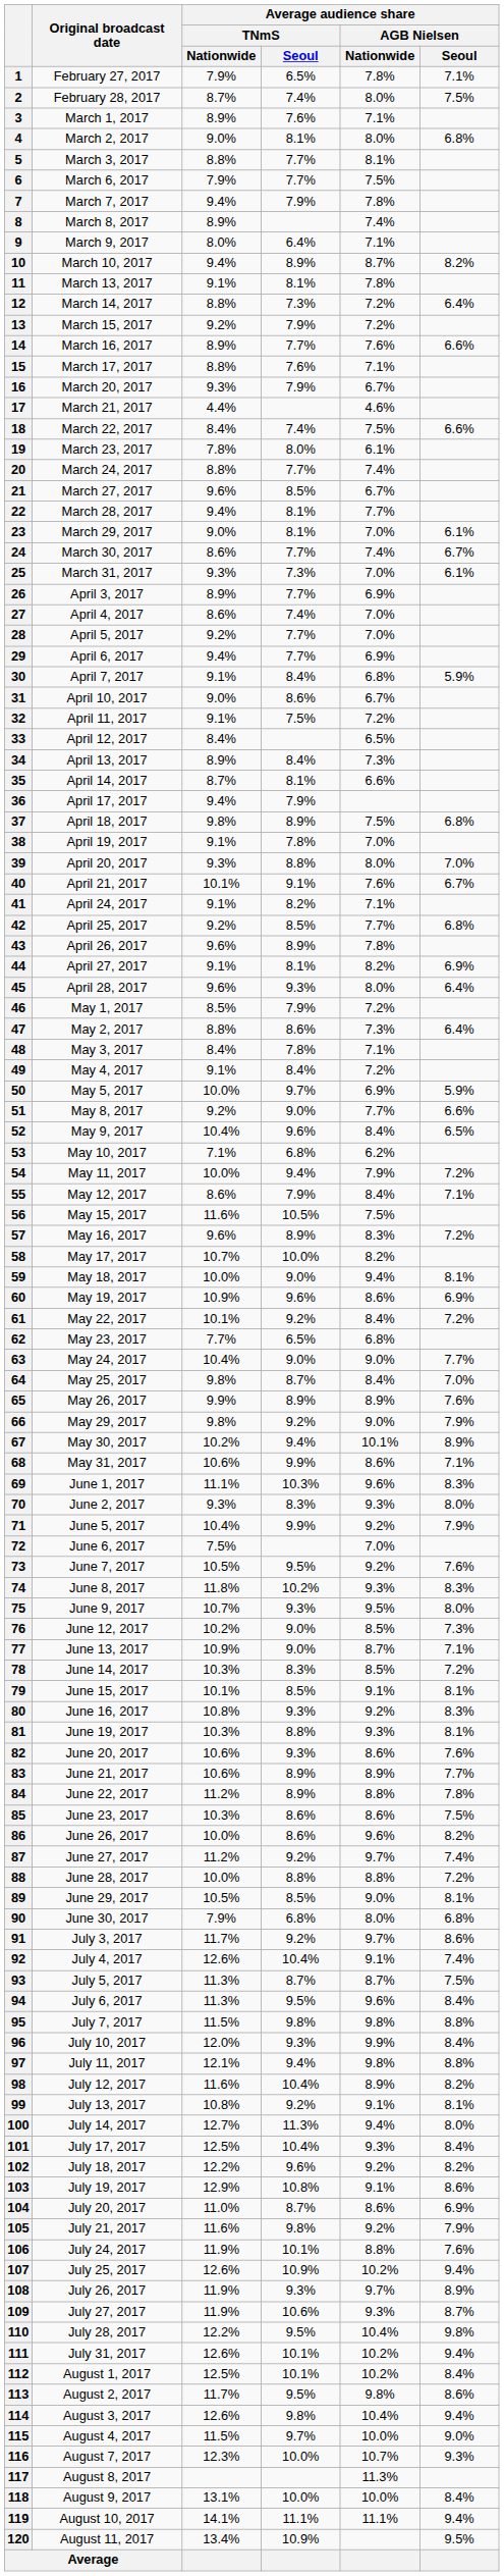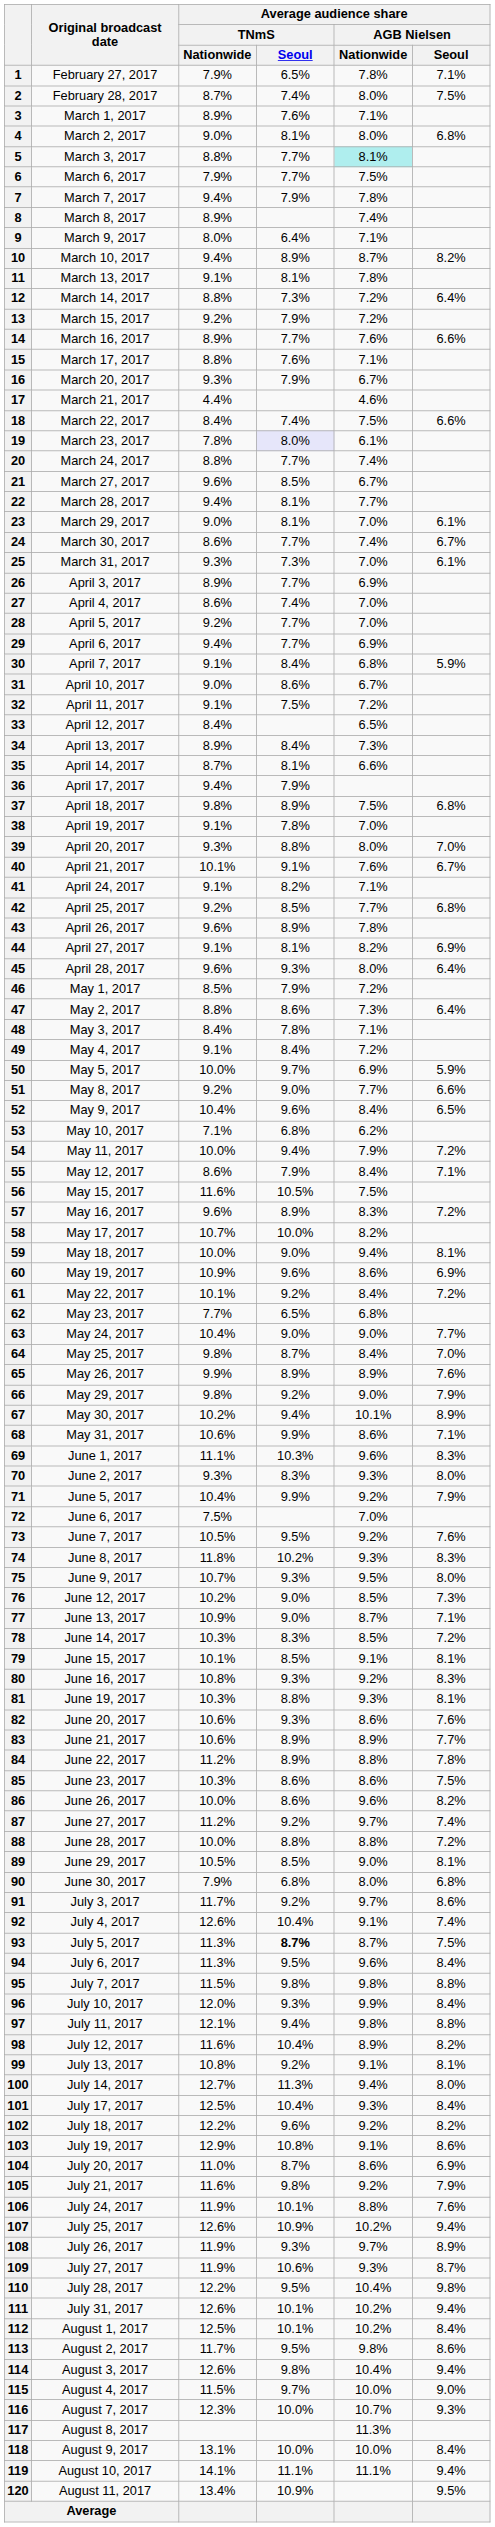 <table class="wikitable" style="text-align:center">
 <tr>
 <th rowspan="3"></th>
 <th rowspan="3">Original broadcast date</th>
 <th colspan="4">Average audience share</th>
 </tr>
 <tr>
 <th colspan="2">TNmS</th>
 <th colspan="2">AGB Nielsen</th>
 </tr>
 <tr>
 <th width=90>Nationwide</th>
 <th width=90><a href='#'>Seoul</a></th>
 <th width=90>Nationwide</th>
 <th width=90>Seoul</th>
 </tr>
 <tr>
 <th>1</th>
 <td>February 27, 2017</td>
 <td>7.9% </td>
 <td>6.5% </td>
 <td>7.8% </td>
 <td>7.1% </td>
 </tr>
 <tr>
 <th>2</th>
 <td>February 28, 2017</td>
 <td>8.7% </td>
 <td>7.4% </td>
 <td>8.0% </td>
 <td>7.5% </td>
 </tr>
 <tr>
 <th>3</th>
 <td>March 1, 2017</td>
 <td>8.9% </td>
 <td>7.6% </td>
 <td>7.1% </td>
 <td></td>
 </tr>
 <tr>
 <th>4</th>
 <td>March 2, 2017</td>
 <td>9.0% </td>
 <td>8.1% </td>
 <td>8.0% </td>
 <td>6.8% </td>
 </tr>
 <tr>
 <th>5</th>
 <td>March 3, 2017</td>
 <td>8.8% </td>
 <td>7.7% </td>
-<td>8.1% </td>
+<td style="background: paleturquoise;">8.1% </td>
 <td></td>
 </tr>
 <tr>
 <th>6</th>
 <td>March 6, 2017</td>
 <td>7.9% </td>
 <td>7.7% </td>
 <td>7.5% </td>
 <td></td>
 </tr>
 <tr>
 <th>7</th>
 <td>March 7, 2017</td>
 <td>9.4% </td>
 <td>7.9% </td>
 <td>7.8% </td>
 <td></td>
 </tr>
 <tr>
 <th>8</th>
 <td>March 8, 2017</td>
 <td>8.9% </td>
 <td></td>
 <td>7.4% </td>
 <td></td>
 </tr>
 <tr>
 <th>9</th>
 <td>March 9, 2017</td>
 <td>8.0% </td>
 <td>6.4% </td>
 <td>7.1% </td>
 <td></td>
 </tr>
 <tr>
 <th>10</th>
 <td>March 10, 2017</td>
 <td>9.4% </td>
 <td>8.9% </td>
 <td>8.7% </td>
 <td>8.2% </td>
 </tr>
 <tr>
 <th>11</th>
 <td>March 13, 2017</td>
 <td>9.1% </td>
 <td>8.1% </td>
 <td>7.8% </td>
 <td></td>
 </tr>
 <tr>
 <th>12</th>
 <td>March 14, 2017</td>
 <td>8.8% </td>
 <td>7.3% </td>
 <td>7.2% </td>
 <td>6.4% </td>
 </tr>
 <tr>
 <th>13</th>
 <td>March 15, 2017</td>
 <td>9.2% </td>
 <td>7.9% </td>
 <td>7.2% </td>
 <td></td>
 </tr>
 <tr>
 <th>14</th>
 <td>March 16, 2017</td>
 <td>8.9% </td>
 <td>7.7% </td>
 <td>7.6% </td>
 <td>6.6% </td>
 </tr>
 <tr>
 <th>15</th>
 <td>March 17, 2017</td>
 <td>8.8% </td>
 <td>7.6% </td>
 <td>7.1% </td>
 <td></td>
 </tr>
 <tr>
 <th>16</th>
 <td>March 20, 2017</td>
 <td>9.3% </td>
 <td>7.9% </td>
 <td>6.7% </td>
 <td></td>
 </tr>
 <tr>
 <th>17</th>
 <td>March 21, 2017</td>
 <td>4.4% </td>
 <td></td>
 <td>4.6% </td>
 <td></td>
 </tr>
 <tr>
 <th>18</th>
 <td>March 22, 2017</td>
 <td>8.4% </td>
 <td>7.4% </td>
 <td>7.5% </td>
 <td>6.6% </td>
 </tr>
 <tr>
 <th>19</th>
 <td>March 23, 2017</td>
 <td>7.8% </td>
-<td>8.0% </td>
+<td style="background: lavender;">8.0% </td>
 <td>6.1% </td>
 <td></td>
 </tr>
 <tr>
 <th>20</th>
 <td>March 24, 2017</td>
 <td>8.8% </td>
 <td>7.7% </td>
 <td>7.4% </td>
 <td></td>
 </tr>
 <tr>
 <th>21</th>
 <td>March 27, 2017</td>
 <td>9.6% </td>
 <td>8.5% </td>
 <td>6.7% </td>
 <td></td>
 </tr>
 <tr>
 <th>22</th>
 <td>March 28, 2017</td>
 <td>9.4% </td>
 <td>8.1% </td>
 <td>7.7% </td>
 <td></td>
 </tr>
 <tr>
 <th>23</th>
 <td>March 29, 2017</td>
 <td>9.0% </td>
 <td>8.1% </td>
 <td>7.0% </td>
 <td>6.1%</td>
 </tr>
 <tr>
 <th>24</th>
 <td>March 30, 2017</td>
 <td>8.6% </td>
 <td>7.7% </td>
 <td>7.4% </td>
 <td>6.7% </td>
 </tr>
 <tr>
 <th>25</th>
 <td>March 31, 2017</td>
 <td>9.3% </td>
 <td>7.3% </td>
 <td>7.0% </td>
 <td>6.1% </td>
 </tr>
 <tr>
 <th>26</th>
 <td>April 3, 2017</td>
 <td>8.9% </td>
 <td>7.7% </td>
 <td>6.9% </td>
 <td></td>
 </tr>
 <tr>
 <th>27</th>
 <td>April 4, 2017</td>
 <td>8.6% </td>
 <td>7.4% </td>
 <td>7.0% </td>
 <td></td>
 </tr>
 <tr>
 <th>28</th>
 <td>April 5, 2017</td>
 <td>9.2% </td>
 <td>7.7% </td>
 <td>7.0% </td>
 <td></td>
 </tr>
 <tr>
 <th>29</th>
 <td>April 6, 2017</td>
 <td>9.4% </td>
 <td>7.7% </td>
 <td>6.9% </td>
 <td></td>
 </tr>
 <tr>
 <th>30</th>
 <td>April 7, 2017</td>
 <td>9.1% </td>
 <td>8.4% </td>
 <td>6.8% </td>
 <td>5.9% </td>
 </tr>
 <tr>
 <th>31</th>
 <td>April 10, 2017</td>
 <td>9.0% </td>
 <td>8.6% </td>
 <td>6.7% </td>
 <td></td>
 </tr>
 <tr>
 <th>32</th>
 <td>April 11, 2017</td>
 <td>9.1% </td>
 <td>7.5% </td>
 <td>7.2% </td>
 <td></td>
 </tr>
 <tr>
 <th>33</th>
 <td>April 12, 2017</td>
 <td>8.4% </td>
 <td></td>
 <td>6.5% </td>
 <td></td>
 </tr>
 <tr>
 <th>34</th>
 <td>April 13, 2017</td>
 <td>8.9% </td>
 <td>8.4% </td>
 <td>7.3% </td>
 <td></td>
 </tr>
 <tr>
 <th>35</th>
 <td>April 14, 2017</td>
 <td>8.7% </td>
 <td>8.1% </td>
 <td>6.6% </td>
 <td></td>
 </tr>
 <tr>
 <th>36</th>
 <td>April 17, 2017</td>
 <td>9.4% </td>
 <td>7.9% </td>
 <td></td>
 <td></td>
 </tr>
 <tr>
 <th>37</th>
 <td>April 18, 2017</td>
 <td>9.8% </td>
 <td>8.9% </td>
 <td>7.5% </td>
 <td>6.8% </td>
 </tr>
 <tr>
 <th>38</th>
 <td>April 19, 2017</td>
 <td>9.1% </td>
 <td>7.8% </td>
 <td>7.0% </td>
 <td></td>
 </tr>
 <tr>
 <th>39</th>
 <td>April 20, 2017</td>
 <td>9.3% </td>
 <td>8.8% </td>
 <td>8.0% </td>
 <td>7.0% </td>
 </tr>
 <tr>
 <th>40</th>
 <td>April 21, 2017</td>
 <td>10.1% </td>
 <td>9.1% </td>
 <td>7.6% </td>
 <td>6.7% </td>
 </tr>
 <tr>
 <th>41</th>
 <td>April 24, 2017</td>
 <td>9.1% </td>
 <td>8.2% </td>
 <td>7.1% </td>
 <td></td>
 </tr>
 <tr>
 <th>42</th>
 <td>April 25, 2017</td>
 <td>9.2% </td>
 <td>8.5% </td>
 <td>7.7% </td>
 <td>6.8% </td>
 </tr>
 <tr>
 <th>43</th>
 <td>April 26, 2017</td>
 <td>9.6% </td>
 <td>8.9% </td>
 <td>7.8% </td>
 <td></td>
 </tr>
 <tr>
 <th>44</th>
 <td>April 27, 2017</td>
 <td>9.1% </td>
 <td>8.1% </td>
 <td>8.2% </td>
 <td>6.9% </td>
 </tr>
 <tr>
 <th>45</th>
 <td>April 28, 2017</td>
 <td>9.6% </td>
 <td>9.3% </td>
 <td>8.0% </td>
 <td>6.4% </td>
 </tr>
 <tr>
 <th>46</th>
 <td>May 1, 2017</td>
 <td>8.5% </td>
 <td>7.9% </td>
 <td>7.2% </td>
 <td></td>
 </tr>
 <tr>
 <th>47</th>
 <td>May 2, 2017</td>
 <td>8.8% </td>
 <td>8.6% </td>
 <td>7.3% </td>
 <td>6.4% </td>
 </tr>
 <tr>
 <th>48</th>
 <td>May 3, 2017</td>
 <td>8.4% </td>
 <td>7.8% </td>
 <td>7.1% </td>
 <td></td>
 </tr>
 <tr>
 <th>49</th>
 <td>May 4, 2017</td>
 <td>9.1% </td>
 <td>8.4% </td>
 <td>7.2% </td>
 <td></td>
 </tr>
 <tr>
 <th>50</th>
 <td>May 5, 2017</td>
 <td>10.0% </td>
 <td>9.7% </td>
 <td>6.9% </td>
 <td>5.9% </td>
 </tr>
 <tr>
 <th>51</th>
 <td>May 8, 2017</td>
 <td>9.2% </td>
 <td>9.0% </td>
 <td>7.7% </td>
 <td>6.6% </td>
 </tr>
 <tr>
 <th>52</th>
 <td>May 9, 2017</td>
 <td>10.4% </td>
 <td>9.6% </td>
 <td>8.4% </td>
 <td>6.5% </td>
 </tr>
 <tr>
 <th>53</th>
 <td>May 10, 2017</td>
 <td>7.1% </td>
 <td>6.8% </td>
 <td>6.2% </td>
 <td></td>
 </tr>
 <tr>
 <th>54</th>
 <td>May 11, 2017</td>
 <td>10.0% </td>
 <td>9.4% </td>
 <td>7.9% </td>
 <td>7.2% </td>
 </tr>
 <tr>
 <th>55</th>
 <td>May 12, 2017</td>
 <td>8.6% </td>
 <td>7.9% </td>
 <td>8.4% </td>
 <td>7.1% </td>
 </tr>
 <tr>
 <th>56</th>
 <td>May 15, 2017</td>
 <td>11.6% </td>
 <td>10.5% </td>
 <td>7.5% </td>
 <td></td>
 </tr>
 <tr>
 <th>57</th>
 <td>May 16, 2017</td>
 <td>9.6% </td>
 <td>8.9% </td>
 <td>8.3% </td>
 <td>7.2% </td>
 </tr>
 <tr>
 <th>58</th>
 <td>May 17, 2017</td>
 <td>10.7% </td>
 <td>10.0% </td>
 <td>8.2% </td>
 <td></td>
 </tr>
 <tr>
 <th>59</th>
 <td>May 18, 2017</td>
 <td>10.0% </td>
 <td>9.0% </td>
 <td>9.4% </td>
 <td>8.1% </td>
 </tr>
 <tr>
 <th>60</th>
 <td>May 19, 2017</td>
 <td>10.9% </td>
 <td>9.6% </td>
 <td>8.6% </td>
 <td>6.9% </td>
 </tr>
 <tr>
 <th>61</th>
 <td>May 22, 2017</td>
 <td>10.1% </td>
 <td>9.2% </td>
 <td>8.4% </td>
 <td>7.2% </td>
 </tr>
 <tr>
 <th>62</th>
 <td>May 23, 2017</td>
 <td>7.7% </td>
 <td>6.5% </td>
 <td>6.8% </td>
 <td></td>
 </tr>
 <tr>
 <th>63</th>
 <td>May 24, 2017</td>
 <td>10.4% </td>
 <td>9.0% </td>
 <td>9.0% </td>
 <td>7.7% </td>
 </tr>
 <tr>
 <th>64</th>
 <td>May 25, 2017</td>
 <td>9.8% </td>
 <td>8.7% </td>
 <td>8.4% </td>
 <td>7.0% </td>
 </tr>
 <tr>
 <th>65</th>
 <td>May 26, 2017</td>
 <td>9.9% </td>
 <td>8.9% </td>
 <td>8.9% </td>
 <td>7.6% </td>
 </tr>
 <tr>
 <th>66</th>
 <td>May 29, 2017</td>
 <td>9.8% </td>
 <td>9.2% </td>
 <td>9.0% </td>
 <td>7.9% </td>
 </tr>
 <tr>
 <th>67</th>
 <td>May 30, 2017</td>
 <td>10.2% </td>
 <td>9.4% </td>
 <td>10.1% </td>
 <td>8.9% </td>
 </tr>
 <tr>
 <th>68</th>
 <td>May 31, 2017</td>
 <td>10.6% </td>
 <td>9.9% </td>
 <td>8.6% </td>
 <td>7.1% </td>
 </tr>
 <tr>
 <th>69</th>
 <td>June 1, 2017</td>
 <td>11.1% </td>
 <td>10.3% </td>
 <td>9.6% </td>
 <td>8.3% </td>
 </tr>
 <tr>
 <th>70</th>
 <td>June 2, 2017</td>
 <td>9.3% </td>
 <td>8.3% </td>
 <td>9.3% </td>
 <td>8.0% </td>
 </tr>
 <tr>
 <th>71</th>
 <td>June 5, 2017</td>
 <td>10.4% </td>
 <td>9.9% </td>
 <td>9.2% </td>
 <td>7.9% </td>
 </tr>
 <tr>
 <th>72</th>
 <td>June 6, 2017</td>
 <td>7.5% </td>
 <td></td>
 <td>7.0% </td>
 <td></td>
 </tr>
 <tr>
 <th>73</th>
 <td>June 7, 2017</td>
 <td>10.5% </td>
 <td>9.5% </td>
 <td>9.2% </td>
 <td>7.6% </td>
 </tr>
 <tr>
 <th>74</th>
 <td>June 8, 2017</td>
 <td>11.8% </td>
 <td>10.2% </td>
 <td>9.3% </td>
 <td>8.3% </td>
 </tr>
 <tr>
 <th>75</th>
 <td>June 9, 2017</td>
 <td>10.7% </td>
 <td>9.3% </td>
 <td>9.5% </td>
 <td>8.0% </td>
 </tr>
 <tr>
 <th>76</th>
 <td>June 12, 2017</td>
 <td>10.2% </td>
 <td>9.0% </td>
 <td>8.5% </td>
 <td>7.3% </td>
 </tr>
 <tr>
 <th>77</th>
 <td>June 13, 2017</td>
 <td>10.9% </td>
 <td>9.0% </td>
 <td>8.7% </td>
 <td>7.1% </td>
 </tr>
 <tr>
 <th>78</th>
 <td>June 14, 2017</td>
 <td>10.3% </td>
 <td>8.3% </td>
 <td>8.5% </td>
 <td>7.2% </td>
 </tr>
 <tr>
 <th>79</th>
 <td>June 15, 2017</td>
 <td>10.1% </td>
 <td>8.5% </td>
 <td>9.1% </td>
 <td>8.1% </td>
 </tr>
 <tr>
 <th>80</th>
 <td>June 16, 2017</td>
 <td>10.8% </td>
 <td>9.3% </td>
 <td>9.2% </td>
 <td>8.3% </td>
 </tr>
 <tr>
 <th>81</th>
 <td>June 19, 2017</td>
 <td>10.3% </td>
 <td>8.8% </td>
 <td>9.3% </td>
 <td>8.1% </td>
 </tr>
 <tr>
 <th>82</th>
 <td>June 20, 2017</td>
 <td>10.6% </td>
 <td>9.3% </td>
 <td>8.6% </td>
 <td>7.6% </td>
 </tr>
 <tr>
 <th>83</th>
 <td>June 21, 2017</td>
 <td>10.6% </td>
 <td>8.9% </td>
 <td>8.9% </td>
 <td>7.7% </td>
 </tr>
 <tr>
 <th>84</th>
 <td>June 22, 2017</td>
 <td>11.2% </td>
 <td>8.9% </td>
 <td>8.8% </td>
 <td>7.8% </td>
 </tr>
 <tr>
 <th>85</th>
 <td>June 23, 2017</td>
 <td>10.3% </td>
 <td>8.6% </td>
 <td>8.6% </td>
 <td>7.5% </td>
 </tr>
 <tr>
 <th>86</th>
 <td>June 26, 2017</td>
 <td>10.0% </td>
 <td>8.6% </td>
 <td>9.6% </td>
 <td>8.2% </td>
 </tr>
 <tr>
 <th>87</th>
 <td>June 27, 2017</td>
 <td>11.2% </td>
 <td>9.2% </td>
 <td>9.7% </td>
 <td>7.4% </td>
 </tr>
 <tr>
 <th>88</th>
 <td>June 28, 2017</td>
 <td>10.0% </td>
 <td>8.8% </td>
 <td>8.8% </td>
 <td>7.2% </td>
 </tr>
 <tr>
 <th>89</th>
 <td>June 29, 2017</td>
 <td>10.5% </td>
 <td>8.5% </td>
 <td>9.0% </td>
 <td>8.1% </td>
 </tr>
 <tr>
 <th>90</th>
 <td>June 30, 2017</td>
 <td>7.9% </td>
 <td>6.8% </td>
 <td>8.0% </td>
 <td>6.8% </td>
 </tr>
 <tr>
 <th>91</th>
 <td>July 3, 2017</td>
 <td>11.7% </td>
 <td>9.2% </td>
 <td>9.7% </td>
 <td>8.6% </td>
 </tr>
 <tr>
 <th>92</th>
 <td>July 4, 2017</td>
 <td>12.6% </td>
 <td>10.4% </td>
 <td>9.1% </td>
 <td>7.4% </td>
 </tr>
 <tr>
 <th>93</th>
 <td>July 5, 2017</td>
 <td>11.3% </td>
-<td>8.7% </td>
+<td><strong>8.7% </strong></td>
 <td>8.7% </td>
 <td>7.5% </td>
 </tr>
 <tr>
 <th>94</th>
 <td>July 6, 2017</td>
 <td>11.3% </td>
 <td>9.5% </td>
 <td>9.6% </td>
 <td>8.4% </td>
 </tr>
 <tr>
 <th>95</th>
 <td>July 7, 2017</td>
 <td>11.5% </td>
 <td>9.8% </td>
 <td>9.8% </td>
 <td>8.8% </td>
 </tr>
 <tr>
 <th>96</th>
 <td>July 10, 2017</td>
 <td>12.0% </td>
 <td>9.3% </td>
 <td>9.9% </td>
 <td>8.4% </td>
 </tr>
 <tr>
 <th>97</th>
 <td>July 11, 2017</td>
 <td>12.1% </td>
 <td>9.4% </td>
 <td>9.8% </td>
 <td>8.8% </td>
 </tr>
 <tr>
 <th>98</th>
 <td>July 12, 2017</td>
 <td>11.6% </td>
 <td>10.4% </td>
 <td>8.9% </td>
 <td>8.2% </td>
 </tr>
 <tr>
 <th>99</th>
 <td>July 13, 2017</td>
 <td>10.8% </td>
 <td>9.2% </td>
 <td>9.1% </td>
 <td>8.1% </td>
 </tr>
 <tr>
 <th>100</th>
 <td>July 14, 2017</td>
 <td>12.7% </td>
 <td>11.3% </td>
 <td>9.4% </td>
 <td>8.0% </td>
 </tr>
 <tr>
 <th>101</th>
 <td>July 17, 2017</td>
 <td>12.5% </td>
 <td>10.4% </td>
 <td>9.3% </td>
 <td>8.4% </td>
 </tr>
 <tr>
 <th>102</th>
 <td>July 18, 2017</td>
 <td>12.2% </td>
 <td>9.6% </td>
 <td>9.2% </td>
 <td>8.2% </td>
 </tr>
 <tr>
 <th>103</th>
 <td>July 19, 2017</td>
 <td>12.9% </td>
 <td>10.8% </td>
 <td>9.1% </td>
 <td>8.6% </td>
 </tr>
 <tr>
 <th>104</th>
 <td>July 20, 2017</td>
 <td>11.0% </td>
 <td>8.7% </td>
 <td>8.6% </td>
 <td>6.9% </td>
 </tr>
 <tr>
 <th>105</th>
 <td>July 21, 2017</td>
 <td>11.6% </td>
 <td>9.8% </td>
 <td>9.2% </td>
 <td>7.9% </td>
 </tr>
 <tr>
 <th>106</th>
 <td>July 24, 2017</td>
 <td>11.9% </td>
 <td>10.1% </td>
 <td>8.8% </td>
 <td>7.6% </td>
 </tr>
 <tr>
 <th>107</th>
 <td>July 25, 2017</td>
 <td>12.6% </td>
 <td>10.9% </td>
 <td>10.2% </td>
 <td>9.4% </td>
 </tr>
 <tr>
 <th>108</th>
 <td>July 26, 2017</td>
 <td>11.9% </td>
 <td>9.3% </td>
 <td>9.7% </td>
 <td>8.9% </td>
 </tr>
 <tr>
 <th>109</th>
 <td>July 27, 2017</td>
 <td>11.9% </td>
 <td>10.6% </td>
 <td>9.3% </td>
 <td>8.7% </td>
 </tr>
 <tr>
 <th>110</th>
 <td>July 28, 2017</td>
 <td>12.2% </td>
 <td>9.5% </td>
 <td>10.4% </td>
 <td>9.8% </td>
 </tr>
 <tr>
 <th>111</th>
 <td>July 31, 2017</td>
 <td>12.6% </td>
 <td>10.1% </td>
 <td>10.2% </td>
 <td>9.4% </td>
 </tr>
 <tr>
 <th>112</th>
 <td>August 1, 2017</td>
 <td>12.5% </td>
 <td>10.1% </td>
 <td>10.2% </td>
 <td>8.4% </td>
 </tr>
 <tr>
 <th>113</th>
 <td>August 2, 2017</td>
 <td>11.7% </td>
 <td>9.5% </td>
 <td>9.8% </td>
 <td>8.6% </td>
 </tr>
 <tr>
 <th>114</th>
 <td>August 3, 2017</td>
 <td>12.6% </td>
 <td>9.8% </td>
 <td>10.4% </td>
 <td>9.4% </td>
 </tr>
 <tr>
 <th>115</th>
 <td>August 4, 2017</td>
 <td>11.5% </td>
 <td>9.7% </td>
 <td>10.0% </td>
 <td>9.0% </td>
 </tr>
 <tr>
 <th>116</th>
 <td>August 7, 2017</td>
 <td>12.3% </td>
 <td>10.0% </td>
 <td>10.7% </td>
 <td>9.3% </td>
 </tr>
 <tr>
 <th>117</th>
 <td>August 8, 2017</td>
 <td> </td>
 <td> </td>
 <td>11.3% </td>
 <td> </td>
 </tr>
 <tr>
 <th>118</th>
 <td>August 9, 2017</td>
 <td>13.1% </td>
 <td>10.0% </td>
 <td>10.0% </td>
 <td>8.4% </td>
 </tr>
 <tr>
 <th>119</th>
 <td>August 10, 2017</td>
 <td>14.1% </td>
 <td>11.1% </td>
 <td>11.1% </td>
 <td>9.4% </td>
 </tr>
 <tr>
 <th>120</th>
 <td>August 11, 2017</td>
 <td>13.4% </td>
 <td>10.9% </td>
 <td> </td>
 <td>9.5% </td>
 </tr>
 <tr>
 <th colspan="2">Average</th>
 <th></th>
 <th></th>
 <th></th>
 <th></th>
 </tr>
 </table>
